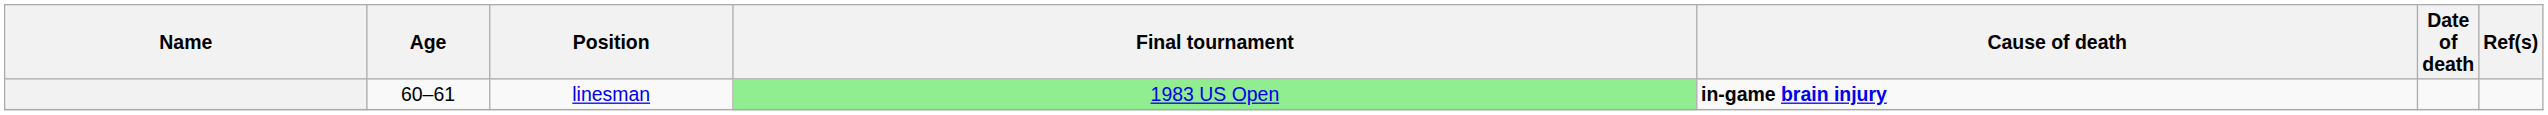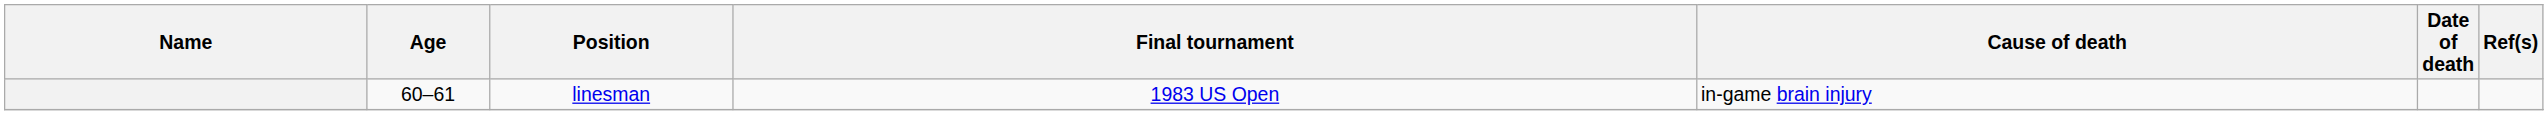 <table class="wikitable sortable plainrowheaders" style="width: 100%; font-size:95%; text-align:center;">
 <tr>
 <th scope="col" style="width: 15%;">Name</th>
 <th scope="col" style="width: 5%;">Age</th>
 <th scope="col" style="width: 10%;">Position</th>
 <th scope="col" style="width: 40%;">Final tournament</th>
 <th scope="col" style="width: 40%;">Cause of death</th>
 <th scope="col" style="width: 50%;">Date of death</th>
 <th scope="col" class=unsortable style="width: 5%;">Ref(s)</th>
 </tr>
 <tr>
 <th scope="row" style="text-align:center"></th>
 <td>60–61</td>
 <td><a href='#'>linesman</a></td>
-<td style="background: lightgreen;"><a href='#'>1983 US Open</a></td>
-<td style="text-align:left"><strong>in-game <a href='#'>brain injury</a></strong></td>
+<td><a href='#'>1983 US Open</a></td>
+<td style="text-align:left">in-game <a href='#'>brain injury</a></td>
 <td></td>
 <td></td>
 </tr>
 <tr>
 </tr>
 </table>
